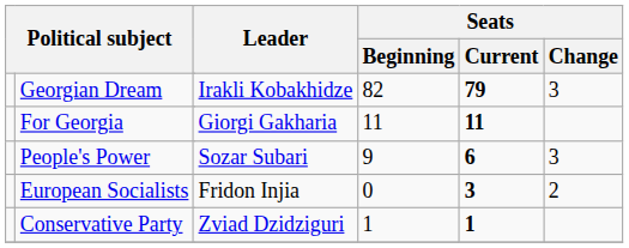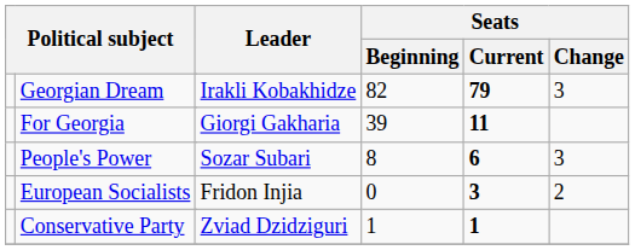 <table class="wikitable">
 <tr>
 <th colspan="3" rowspan="2">Political subject</th>
 <th rowspan="2">Leader</th>
 <th colspan="3">Seats</th>
 </tr>
 <tr>
 <th>Beginning</th>
 <th>Current</th>
 <th>Change</th>
 </tr>
 <tr>
 <td style="background:"></td>
 <td colspan="2"><a href='#'>Georgian Dream</a></td>
 <td><a href='#'>Irakli Kobakhidze</a></td>
 <td>82</td>
 <td><strong>79</strong></td>
 <td> 3</td>
 </tr>
 <tr>
 <td style="background:"></td>
 <td colspan="2"><a href='#'>For Georgia</a></td>
 <td><a href='#'>Giorgi Gakharia</a></td>
-<td>11</td>
+<td>39</td>
 <td><strong>11</strong></td>
 <td></td>
 </tr>
 <tr>
 <td style="background:"></td>
 <td colspan="2"><a href='#'>People's Power</a></td>
 <td><a href='#'>Sozar Subari</a></td>
-<td>9</td>
+<td>8</td>
 <td><strong>6</strong></td>
 <td> 3</td>
 </tr>
 <tr>
 <td style="background:"></td>
 <td colspan="2"><a href='#'>European Socialists</a></td>
 <td>Fridon Injia</td>
 <td>0</td>
 <td><strong>3</strong></td>
 <td> 2</td>
 </tr>
 <tr>
 <td style="background:"></td>
 <td colspan="2"><a href='#'>Conservative Party</a></td>
 <td><a href='#'>Zviad Dzidziguri</a></td>
 <td>1</td>
 <td><strong>1</strong></td>
 <td></td>
 </tr>
 <tr>
 </tr>
 </table>
